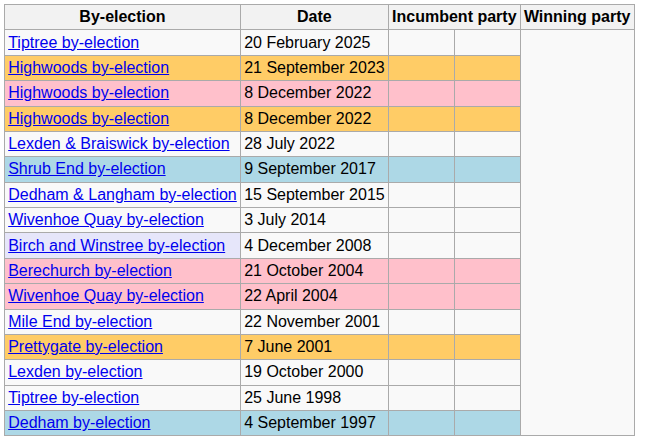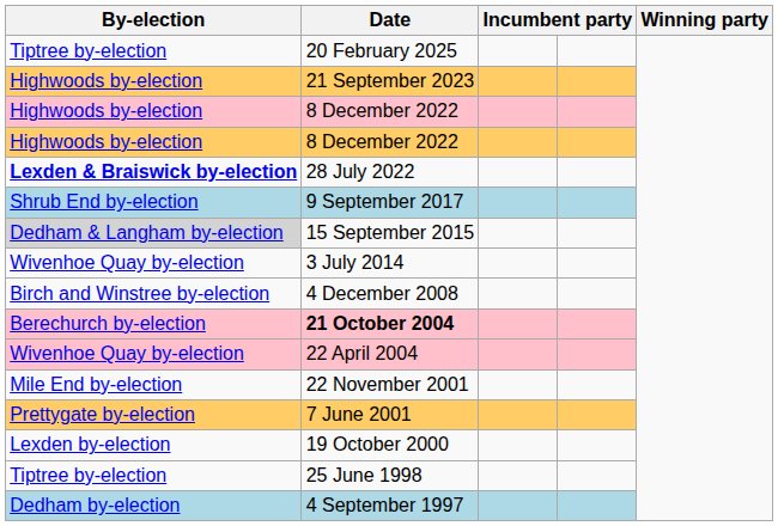 <table class="wikitable">
 <tr>
 <th>By-election</th>
 <th>Date</th>
 <th colspan=2>Incumbent party</th>
 <th colspan=2>Winning party</th>
 </tr>
 <tr>
 </tr>
 <tr bgcolor=>
 <td><a href='#'>Tiptree by-election</a></td>
 <td>20 February 2025</td>
 <td></td>
 <td></td>
 </tr>
 <tr>
 </tr>
 <tr bgcolor=ffcc66>
 <td><a href='#'>Highwoods by-election</a></td>
 <td>21 September 2023</td>
 <td></td>
 <td></td>
 </tr>
 <tr>
 </tr>
 <tr bgcolor=pink>
 <td><a href='#'>Highwoods by-election</a></td>
 <td>8 December 2022</td>
 <td></td>
 <td></td>
 </tr>
 <tr>
 </tr>
 <tr bgcolor=ffcc66>
 <td><a href='#'>Highwoods by-election</a></td>
 <td>8 December 2022</td>
 <td></td>
 <td></td>
 </tr>
 <tr>
-<td><a href='#'>Lexden & Braiswick by-election</a></td>
+<td><strong><a href='#'>Lexden & Braiswick by-election</a></strong></td>
 <td>28 July 2022</td>
 <td></td>
 <td></td>
 </tr>
 <tr bgcolor=lightblue>
 <td><a href='#'>Shrub End by-election</a></td>
 <td>9 September 2017</td>
 <td></td>
 <td></td>
 </tr>
 <tr>
-<td><a href='#'>Dedham & Langham by-election</a></td>
+<td style="background: lightgrey;"><a href='#'>Dedham & Langham by-election</a></td>
 <td>15 September 2015</td>
 <td></td>
 <td></td>
 </tr>
 <tr>
 <td><a href='#'>Wivenhoe Quay by-election</a></td>
 <td>3 July 2014</td>
 <td></td>
 <td></td>
 </tr>
 <tr>
-<td style="background: lavender;"><a href='#'>Birch and Winstree by-election</a></td>
+<td><a href='#'>Birch and Winstree by-election</a></td>
 <td>4 December 2008</td>
 <td></td>
 <td></td>
 </tr>
 <tr bgcolor=pink>
 <td><a href='#'>Berechurch by-election</a></td>
-<td>21 October 2004</td>
+<td><strong>21 October 2004</strong></td>
 <td></td>
 <td></td>
 </tr>
 <tr bgcolor=pink>
 <td><a href='#'>Wivenhoe Quay by-election</a></td>
 <td>22 April 2004</td>
 <td></td>
 <td></td>
 </tr>
 <tr bgcolor=>
 <td><a href='#'>Mile End by-election</a></td>
 <td>22 November 2001</td>
 <td></td>
 <td></td>
 </tr>
 <tr bgcolor=ffcc66>
 <td><a href='#'>Prettygate by-election</a></td>
 <td>7 June 2001</td>
 <td></td>
 <td></td>
 </tr>
 <tr bgcolor=>
 <td><a href='#'>Lexden by-election</a></td>
 <td>19 October 2000</td>
 <td></td>
 <td></td>
 </tr>
 <tr bgcolor=>
 <td><a href='#'>Tiptree by-election</a></td>
 <td>25 June 1998</td>
 <td></td>
 <td></td>
 </tr>
 <tr bgcolor=lightblue>
 <td><a href='#'>Dedham by-election</a></td>
 <td>4 September 1997</td>
 <td></td>
 <td></td>
 </tr>
 </table>
